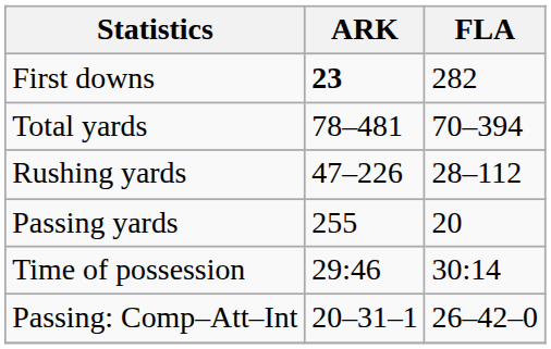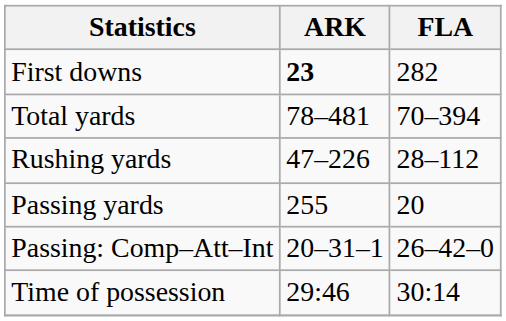 <table class="wikitable" style="float: left;">
 <tr>
 <th>Statistics</th>
 <th>ARK</th>
 <th>FLA</th>
 </tr>
 <tr>
 <td>First downs</td>
 <td><strong>23</strong></td>
 <td>282</td>
 </tr>
 <tr>
 <td>Total yards</td>
 <td>78–481</td>
 <td>70–394</td>
 </tr>
 <tr>
 <td>Rushing yards</td>
 <td>47–226</td>
 <td>28–112</td>
 </tr>
 <tr>
 <td>Passing yards</td>
 <td>255</td>
 <td>20</td>
 </tr>
 <tr>
+<td>Passing: Comp–Att–Int</td>
+<td>20–31–1</td>
+<td>26–42–0</td>
+</tr>
+<tr>
 <td>Time of possession</td>
 <td>29:46</td>
 <td>30:14</td>
 </tr>
 <tr>
-<td>Passing: Comp–Att–Int</td>
-<td>20–31–1</td>
-<td>26–42–0</td>
-</tr>
-<tr>
 </tr>
 </table>
